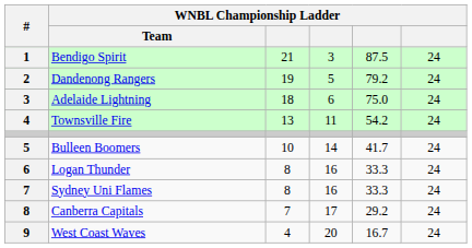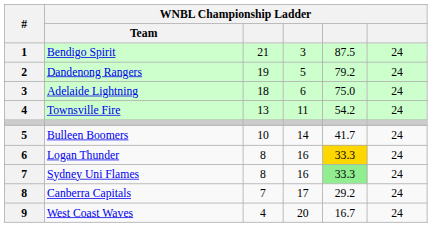 <table class="wikitable" width="43.5%" style="font-size:95%; text-align:center">
 <tr>
 <th width="5%" rowspan=2>#</th>
 <th colspan="6" align="center"><strong>WNBL Championship Ladder</strong></th>
 </tr>
 <tr>
 <th width="25%">Team</th>
 <th width="5%"></th>
 <th width="5%"></th>
 <th width="5%"></th>
 <th width="7.5%"></th>
 </tr>
 <tr style="background-color:#CCFFCC">
 <th>1</th>
 <td style="text-align:left;"><a href='#'>Bendigo Spirit</a></td>
 <td>21</td>
 <td>3</td>
 <td>87.5</td>
 <td>24</td>
 </tr>
 <tr style="background-color:#CCFFCC">
 <th>2</th>
 <td style="text-align:left;"><a href='#'>Dandenong Rangers</a></td>
 <td>19</td>
 <td>5</td>
 <td>79.2</td>
 <td>24</td>
 </tr>
 <tr style="background-color:#CCFFCC">
 <th>3</th>
 <td style="text-align:left;"><a href='#'>Adelaide Lightning</a></td>
 <td>18</td>
 <td>6</td>
 <td>75.0</td>
 <td>24</td>
 </tr>
 <tr style="background-color:#CCFFCC">
 <th>4</th>
 <td style="text-align:left;"><a href='#'>Townsville Fire</a></td>
 <td>13</td>
 <td>11</td>
 <td>54.2</td>
 <td>24</td>
 </tr>
 <tr style="background-color:#cccccc;">
 <td></td>
 <td></td>
 <td></td>
 <td></td>
 <td></td>
 <td></td>
 </tr>
 <tr>
 <th>5</th>
 <td style="text-align:left;"><a href='#'>Bulleen Boomers</a></td>
 <td>10</td>
 <td>14</td>
 <td>41.7</td>
 <td>24</td>
 </tr>
 <tr>
 <th>6</th>
 <td style="text-align:left;"><a href='#'>Logan Thunder</a></td>
 <td>8</td>
 <td>16</td>
-<td>33.3</td>
+<td style="background: gold;">33.3</td>
 <td>24</td>
 </tr>
 <tr>
 <th>7</th>
 <td style="text-align:left;"><a href='#'>Sydney Uni Flames</a></td>
 <td>8</td>
 <td>16</td>
-<td>33.3</td>
+<td style="background: lightgreen;">33.3</td>
 <td>24</td>
 </tr>
 <tr>
 <th>8</th>
 <td style="text-align:left;"><a href='#'>Canberra Capitals</a></td>
 <td>7</td>
 <td>17</td>
 <td>29.2</td>
 <td>24</td>
 </tr>
 <tr>
 <th>9</th>
 <td style="text-align:left;"><a href='#'>West Coast Waves</a></td>
 <td>4</td>
 <td>20</td>
 <td>16.7</td>
 <td>24</td>
 </tr>
 </table>
